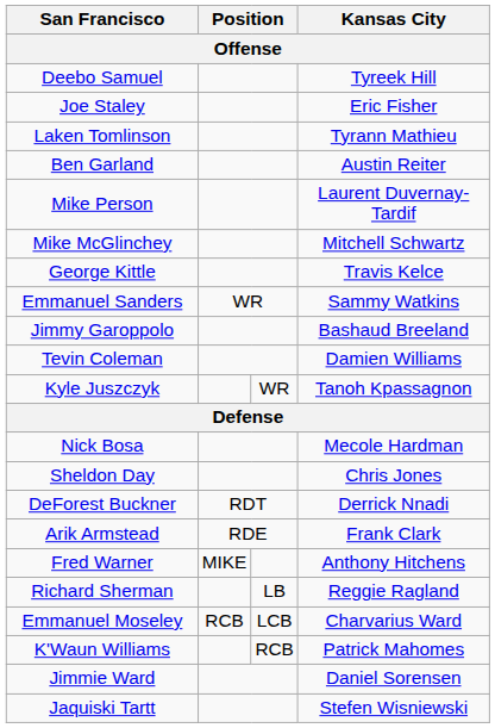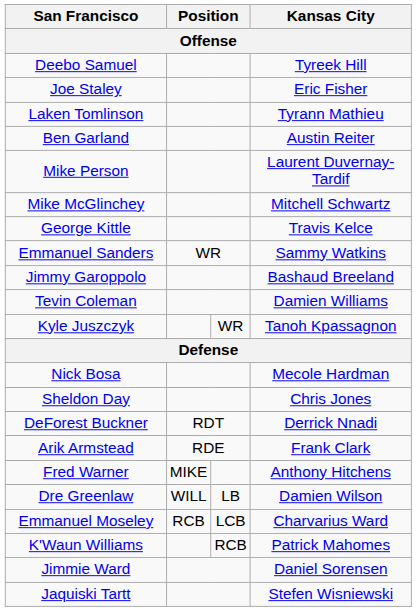 <table class="wikitable" style="text-align:center; margin: 0 auto">
 <tr>
 <th style="width:160px;">San Francisco</th>
 <th colspan="2">Position</th>
 <th style="width:160px;">Kansas City</th>
 </tr>
 <tr>
 <th colspan="4">Offense</th>
 </tr>
 <tr>
 <td><a href='#'>Deebo Samuel</a></td>
 <td colspan="2"></td>
 <td><a href='#'>Tyreek Hill</a></td>
 </tr>
 <tr>
 <td><a href='#'>Joe Staley</a></td>
 <td colspan="2"></td>
 <td><a href='#'>Eric Fisher</a></td>
 </tr>
 <tr>
 <td><a href='#'>Laken Tomlinson</a></td>
 <td colspan="2"></td>
 <td><a href='#'>Tyrann Mathieu</a></td>
 </tr>
 <tr>
 <td><a href='#'>Ben Garland</a></td>
 <td colspan="2"></td>
 <td><a href='#'>Austin Reiter</a></td>
 </tr>
 <tr>
 <td><a href='#'>Mike Person</a></td>
 <td colspan="2"></td>
 <td><a href='#'>Laurent Duvernay-Tardif</a></td>
 </tr>
 <tr>
 <td><a href='#'>Mike McGlinchey</a></td>
 <td colspan="2"></td>
 <td><a href='#'>Mitchell Schwartz</a></td>
 </tr>
 <tr>
 <td><a href='#'>George Kittle</a></td>
 <td colspan="2"></td>
 <td><a href='#'>Travis Kelce</a></td>
 </tr>
 <tr>
 <td><a href='#'>Emmanuel Sanders</a></td>
 <td colspan="2">WR</td>
 <td><a href='#'>Sammy Watkins</a></td>
 </tr>
 <tr>
 <td><a href='#'>Jimmy Garoppolo</a></td>
 <td colspan="2"></td>
 <td><a href='#'>Bashaud Breeland</a></td>
 </tr>
 <tr>
 <td><a href='#'>Tevin Coleman</a></td>
 <td colspan="2"></td>
 <td><a href='#'>Damien Williams</a></td>
 </tr>
 <tr>
 <td><a href='#'>Kyle Juszczyk</a></td>
 <td></td>
 <td>WR</td>
 <td><a href='#'>Tanoh Kpassagnon</a></td>
 </tr>
 <tr>
 <th colspan="4">Defense</th>
 </tr>
 <tr>
 <td><a href='#'>Nick Bosa</a></td>
 <td colspan="2"></td>
 <td><a href='#'>Mecole Hardman</a></td>
 </tr>
 <tr>
 <td><a href='#'>Sheldon Day</a></td>
 <td colspan="2"></td>
 <td><a href='#'>Chris Jones</a></td>
 </tr>
 <tr>
 <td><a href='#'>DeForest Buckner</a></td>
 <td colspan="2">RDT</td>
 <td><a href='#'>Derrick Nnadi</a></td>
 </tr>
 <tr>
 <td><a href='#'>Arik Armstead</a></td>
 <td colspan="2">RDE</td>
 <td><a href='#'>Frank Clark</a></td>
 </tr>
 <tr>
 <td><a href='#'>Fred Warner</a></td>
 <td>MIKE</td>
 <td></td>
 <td><a href='#'>Anthony Hitchens</a></td>
 </tr>
 <tr>
-<td><a href='#'>Richard Sherman</a></td>
-<td></td>
+<td><a href='#'>Dre Greenlaw</a></td>
+<td>WILL</td>
 <td>LB</td>
-<td><a href='#'>Reggie Ragland</a></td>
+<td><a href='#'>Damien Wilson</a></td>
 </tr>
 <tr>
 <td><a href='#'>Emmanuel Moseley</a></td>
 <td>RCB</td>
 <td>LCB</td>
 <td><a href='#'>Charvarius Ward</a></td>
 </tr>
 <tr>
 <td><a href='#'>K'Waun Williams</a></td>
 <td></td>
 <td>RCB</td>
 <td><a href='#'>Patrick Mahomes</a></td>
 </tr>
 <tr>
 <td><a href='#'>Jimmie Ward</a></td>
 <td colspan="2"></td>
 <td><a href='#'>Daniel Sorensen</a></td>
 </tr>
 <tr>
 <td><a href='#'>Jaquiski Tartt</a></td>
 <td colspan="2"></td>
 <td><a href='#'>Stefen Wisniewski</a></td>
 </tr>
 </table>
